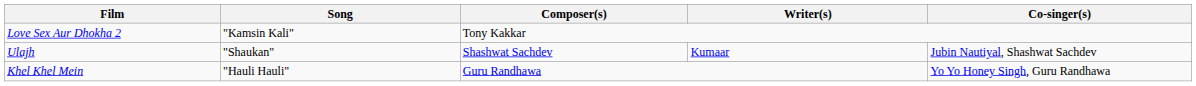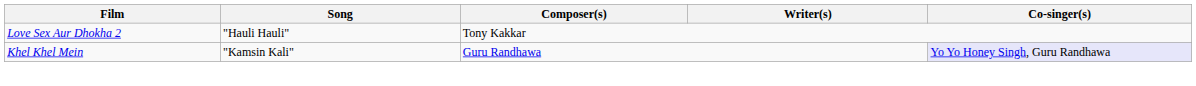 <table class="wikitable plainrowheaders" width="100%">
 <tr>
 <th width=18%>Film</th>
 <th width=20%>Song</th>
 <th width=19%>Composer(s)</th>
 <th width=20%>Writer(s)</th>
 <th width=22%>Co-singer(s)</th>
 </tr>
 <tr>
 <td><em><a href='#'>Love Sex Aur Dhokha 2</a></em></td>
-<td>"Kamsin Kali"</td>
+<td>"Hauli Hauli"</td>
 <td colspan=3>Tony Kakkar</td>
 </tr>
 <tr>
-<td><em><a href='#'>Ulajh</a></em></td>
-<td>"Shaukan"</td>
-<td><a href='#'>Shashwat Sachdev</a></td>
-<td><a href='#'>Kumaar</a></td>
-<td><a href='#'>Jubin Nautiyal</a>, Shashwat Sachdev</td>
-</tr>
-<tr>
 <td><em><a href='#'>Khel Khel Mein</a></em></td>
-<td>"Hauli Hauli"</td>
+<td>"Kamsin Kali"</td>
 <td colspan=2><a href='#'>Guru Randhawa</a></td>
-<td><a href='#'>Yo Yo Honey Singh</a>, Guru Randhawa</td>
+<td style="background: lavender;"><a href='#'>Yo Yo Honey Singh</a>, Guru Randhawa</td>
 </tr>
 </table>
